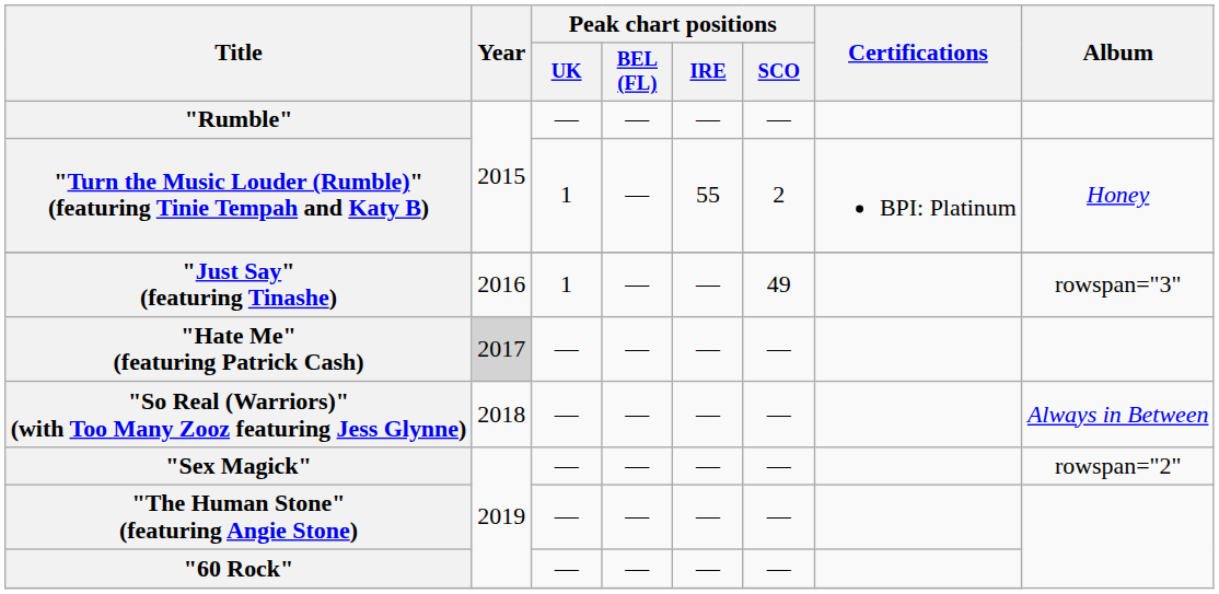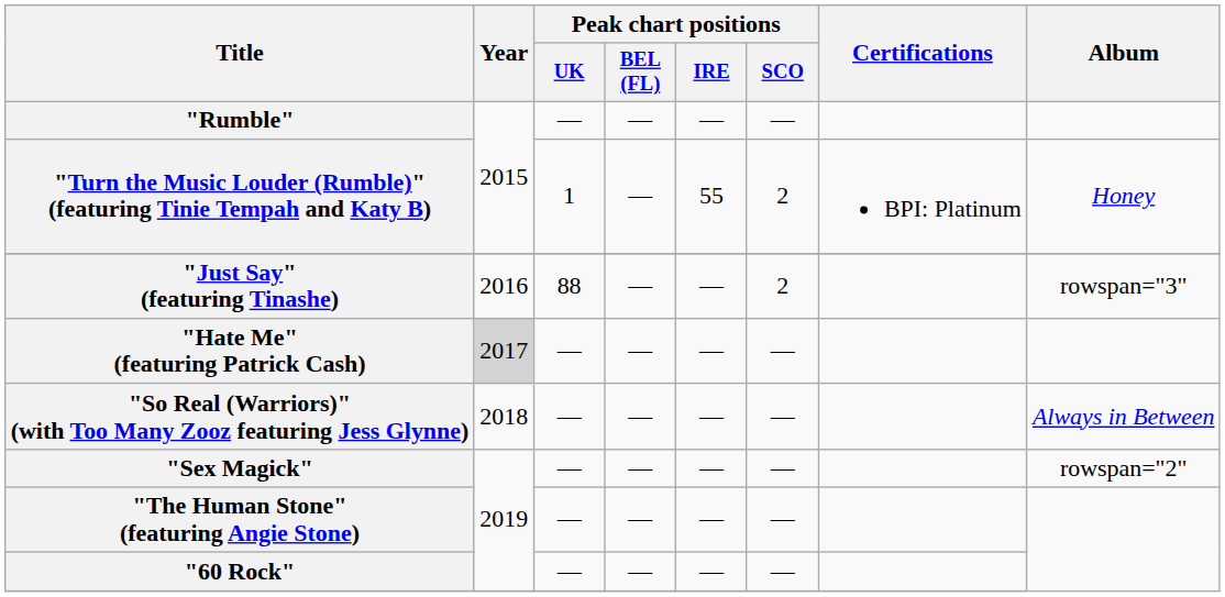 <table class="wikitable plainrowheaders" style="text-align:center;">
 <tr>
 <th scope="col" rowspan="2">Title</th>
 <th scope="col" rowspan="2">Year</th>
 <th scope="col" colspan="4">Peak chart positions</th>
 <th scope="col" rowspan="2"><a href='#'>Certifications</a></th>
 <th scope="col" rowspan="2">Album</th>
 </tr>
 <tr>
 <th scope="col" style="width:3em;font-size:85%;"><a href='#'>UK</a></th>
 <th scope="col" style="width:3em;font-size:85%;"><a href='#'>BEL<br>(FL)</a></th>
 <th scope="col" style="width:3em;font-size:85%;"><a href='#'>IRE</a></th>
 <th scope="col" style="width:3em;font-size:85%;"><a href='#'>SCO</a></th>
 </tr>
 <tr>
 <th scope="row">"Rumble"</th>
 <td rowspan="2">2015</td>
 <td>—</td>
 <td>—</td>
 <td>—</td>
 <td>—</td>
 <td></td>
 <td></td>
 </tr>
 <tr>
 <th scope="row">"<a href='#'>Turn the Music Louder (Rumble)</a>"<br><span>(featuring <a href='#'>Tinie Tempah</a> and <a href='#'>Katy B</a>)</span></th>
 <td>1</td>
 <td>—</td>
 <td>55</td>
 <td>2</td>
 <td><br><ul><li>BPI: Platinum</li></ul></td>
 <td><em><a href='#'>Honey</a></em></td>
 </tr>
 <tr>
 </tr>
 <tr>
 <th scope="row">"<a href='#'>Just Say</a>"<br><span>(featuring <a href='#'>Tinashe</a>)</span></th>
 <td>2016</td>
-<td>1</td>
+<td>88</td>
 <td>—</td>
 <td>—</td>
-<td>49<br></td>
+<td>2</td>
 <td></td>
 <td>rowspan="3" </td>
 </tr>
 <tr>
 <th scope="row">"Hate Me"<br><span>(featuring Patrick Cash)</span></th>
 <td style="background: lightgrey;">2017</td>
 <td>—</td>
 <td>—</td>
 <td>—</td>
 <td>—</td>
 <td></td>
 </tr>
 <tr>
 <th scope="row">"So Real (Warriors)"<br><span>(with <a href='#'>Too Many Zooz</a> featuring <a href='#'>Jess Glynne</a>)</span></th>
 <td>2018</td>
 <td>—</td>
 <td>—</td>
 <td>—</td>
 <td>—</td>
 <td></td>
 <td><em><a href='#'>Always in Between</a></em></td>
 </tr>
 <tr>
 <th scope="row">"Sex Magick"</th>
 <td rowspan="3">2019</td>
 <td>—</td>
 <td>—</td>
 <td>—</td>
 <td>—</td>
 <td></td>
 <td>rowspan="2" </td>
 </tr>
 <tr>
 <th scope="row">"The Human Stone"<br><span>(featuring <a href='#'>Angie Stone</a>)</span></th>
 <td>—</td>
 <td>—</td>
 <td>—</td>
 <td>—</td>
 <td></td>
 </tr>
 <tr>
 <th scope="row">"60 Rock"</th>
 <td>—</td>
 <td>—</td>
 <td>—</td>
 <td>—</td>
 <td></td>
 </tr>
 <tr>
 </tr>
 </table>
